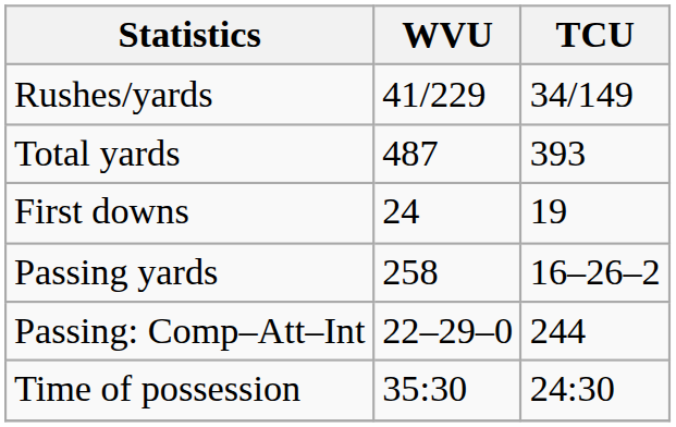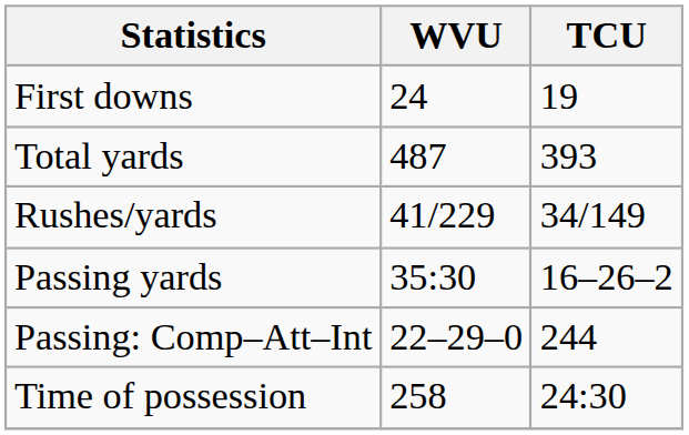 <table class="wikitable" style="float: left;">
 <tr>
 <th>Statistics</th>
 <th>WVU</th>
 <th>TCU</th>
 </tr>
 <tr>
-<td>Rushes/yards</td>
-<td>41/229</td>
-<td>34/149</td>
+<td>First downs</td>
+<td>24</td>
+<td>19</td>
 </tr>
 <tr>
 <td>Total yards</td>
 <td>487</td>
 <td>393</td>
 </tr>
 <tr>
-<td>First downs</td>
-<td>24</td>
-<td>19</td>
+<td>Rushes/yards</td>
+<td>41/229</td>
+<td>34/149</td>
 </tr>
 <tr>
 <td>Passing yards</td>
-<td>258</td>
+<td>35:30</td>
 <td>16–26–2</td>
 </tr>
 <tr>
 <td>Passing: Comp–Att–Int</td>
 <td>22–29–0</td>
 <td>244</td>
 </tr>
 <tr>
 <td>Time of possession</td>
-<td>35:30</td>
+<td>258</td>
 <td>24:30</td>
 </tr>
 <tr>
 </tr>
 </table>
